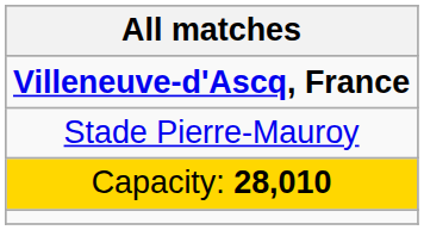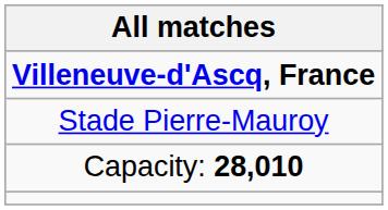 <table class="wikitable" style="text-align:center">
 <tr>
 <th>All matches</th>
 </tr>
 <tr>
 <td><strong><a href='#'>Villeneuve-d'Ascq</a>, France</strong></td>
 </tr>
 <tr>
 <td><a href='#'>Stade Pierre-Mauroy</a></td>
 </tr>
 <tr>
-<td style="background: gold;">Capacity: <strong>28,010</strong></td>
+<td>Capacity: <strong>28,010</strong></td>
 </tr>
 <tr>
 <td></td>
 </tr>
 </table>
